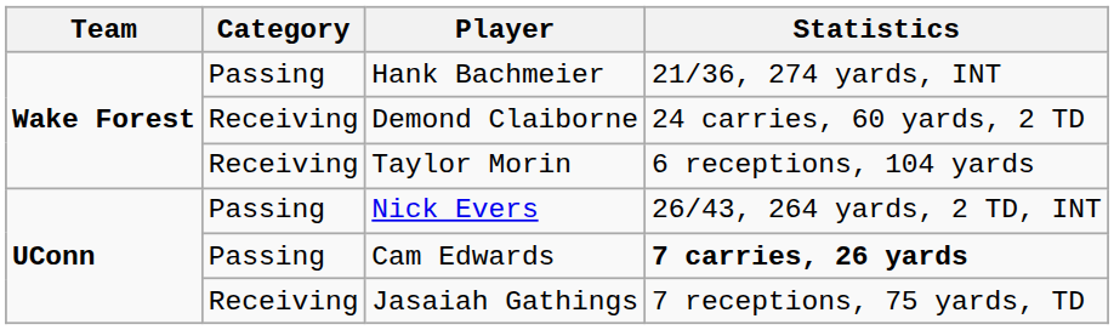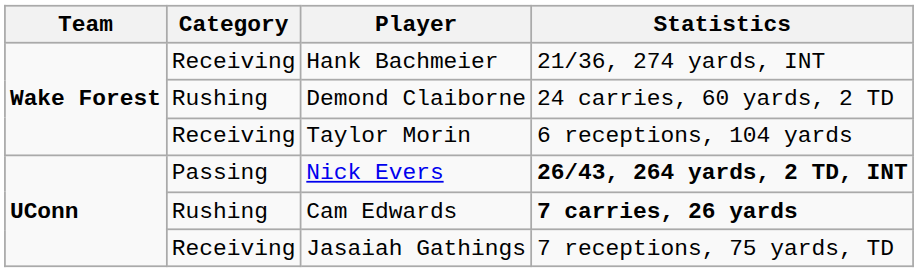 <table class="wikitable" style="float: right;">
 <tr>
 <th>Team</th>
 <th>Category</th>
 <th>Player</th>
 <th>Statistics</th>
 </tr>
 <tr>
 <td rowspan=3><strong>Wake Forest</strong></td>
-<td>Passing</td>
+<td>Receiving</td>
 <td>Hank Bachmeier</td>
 <td>21/36, 274 yards, INT</td>
 </tr>
 <tr>
-<td>Receiving</td>
+<td>Rushing</td>
 <td>Demond Claiborne</td>
 <td>24 carries, 60 yards, 2 TD</td>
 </tr>
 <tr>
 <td>Receiving</td>
 <td>Taylor Morin</td>
 <td>6 receptions, 104 yards</td>
 </tr>
 <tr>
 <td rowspan=3><strong>UConn</strong></td>
 <td>Passing</td>
 <td><a href='#'>Nick Evers</a></td>
-<td>26/43, 264 yards, 2 TD, INT</td>
+<td><strong>26/43, 264 yards, 2 TD, INT</strong></td>
 </tr>
 <tr>
-<td>Passing</td>
+<td>Rushing</td>
 <td>Cam Edwards</td>
 <td><strong>7 carries, 26 yards</strong></td>
 </tr>
 <tr>
 <td>Receiving</td>
 <td>Jasaiah Gathings</td>
 <td>7 receptions, 75 yards, TD</td>
 </tr>
 </table>
